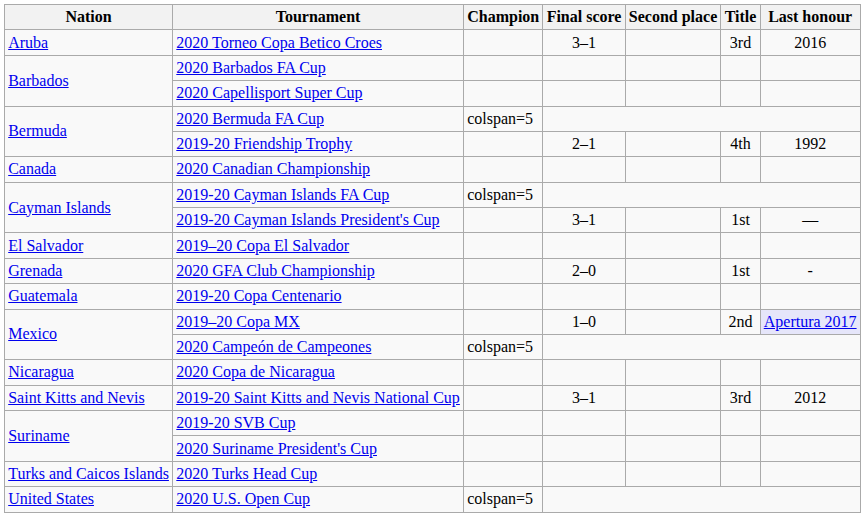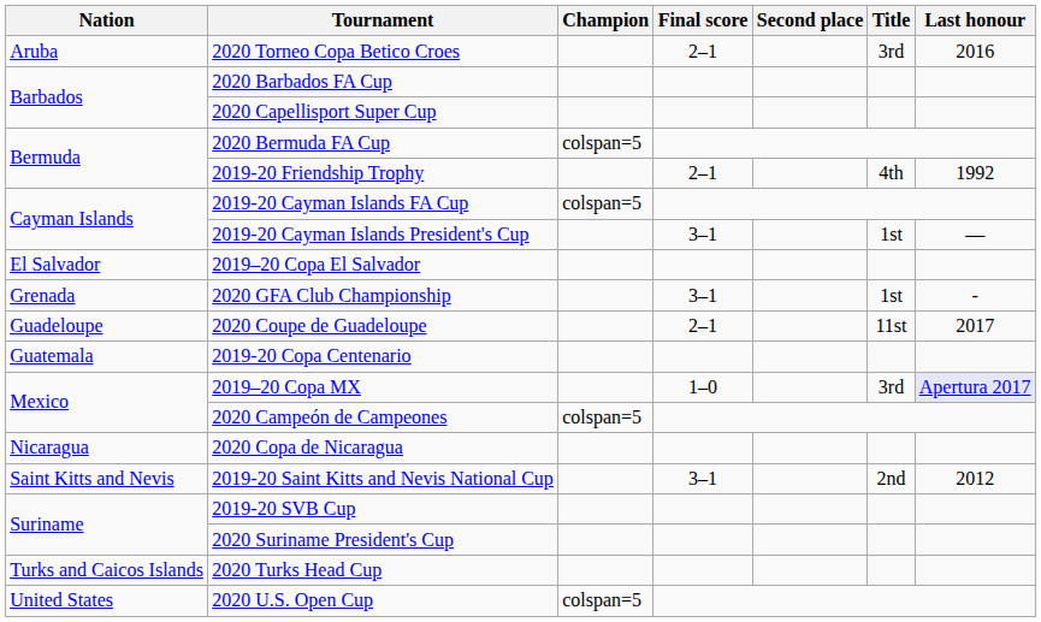 <table class="wikitable sortable">
 <tr>
 <th>Nation</th>
 <th>Tournament</th>
 <th>Champion</th>
 <th>Final score</th>
 <th>Second place</th>
 <th data-sort-type="number">Title</th>
 <th>Last honour</th>
 </tr>
 <tr>
 <td> <a href='#'>Aruba</a></td>
 <td><a href='#'>2020 Torneo Copa Betico Croes</a></td>
 <td></td>
-<td align=center>3–1</td>
+<td align=center>2–1</td>
 <td></td>
 <td align=center>3rd</td>
 <td align=center>2016</td>
 </tr>
 <tr>
 <td rowspan="2"> <a href='#'>Barbados</a></td>
 <td><a href='#'>2020 Barbados FA Cup</a></td>
 <td></td>
 <td></td>
 <td></td>
 <td></td>
 <td></td>
 </tr>
 <tr>
 <td><a href='#'>2020 Capellisport Super Cup</a></td>
 <td></td>
 <td></td>
 <td></td>
 <td></td>
 <td></td>
 </tr>
 <tr>
 <td rowspan="2"> <a href='#'>Bermuda</a></td>
 <td><a href='#'>2020 Bermuda FA Cup</a></td>
 <td>colspan=5 </td>
 </tr>
 <tr>
 <td><a href='#'>2019-20 Friendship Trophy</a></td>
 <td></td>
 <td align=center>2–1</td>
 <td></td>
 <td align=center>4th</td>
 <td align=center>1992</td>
 </tr>
 <tr>
-<td> <a href='#'>Canada</a></td>
-<td><a href='#'>2020 Canadian Championship</a></td>
-<td></td>
-<td></td>
-<td></td>
-<td></td>
-<td></td>
-</tr>
-<tr>
 <td rowspan="2"> <a href='#'>Cayman Islands</a></td>
 <td><a href='#'>2019-20 Cayman Islands FA Cup</a></td>
 <td>colspan=5 </td>
 </tr>
 <tr>
 <td><a href='#'>2019-20 Cayman Islands President's Cup</a></td>
 <td></td>
 <td align=center>3–1</td>
 <td></td>
 <td align=center>1st</td>
 <td align=center>—</td>
 </tr>
 <tr>
 <td> <a href='#'>El Salvador</a></td>
 <td><a href='#'>2019–20 Copa El Salvador</a></td>
 <td></td>
 <td></td>
 <td></td>
 <td></td>
 <td></td>
 </tr>
 <tr>
 <td> <a href='#'>Grenada</a></td>
 <td><a href='#'>2020 GFA Club Championship</a></td>
 <td></td>
-<td align=center>2–0</td>
+<td align=center>3–1</td>
 <td></td>
 <td align=center>1st</td>
 <td align=center>-</td>
+</tr>
+<tr>
+<td> <a href='#'>Guadeloupe</a></td>
+<td><a href='#'>2020 Coupe de Guadeloupe</a></td>
+<td></td>
+<td align=center>2–1</td>
+<td></td>
+<td align=center>11st</td>
+<td align=center>2017</td>
 </tr>
 <tr>
 <td> <a href='#'>Guatemala</a></td>
 <td><a href='#'>2019-20 Copa Centenario</a></td>
 <td></td>
 <td></td>
 <td></td>
 <td></td>
 <td></td>
 </tr>
 <tr>
 <td rowspan="2"> <a href='#'>Mexico</a></td>
 <td><a href='#'>2019–20 Copa MX</a></td>
 <td></td>
 <td align=center>1–0</td>
 <td></td>
-<td align=center>2nd</td>
+<td align=center>3rd</td>
 <td align=center style="background: lavender;"><a href='#'>Apertura 2017</a></td>
 </tr>
 <tr>
 <td><a href='#'>2020 Campeón de Campeones</a></td>
 <td>colspan=5 </td>
 </tr>
 <tr>
 <td> <a href='#'>Nicaragua</a></td>
 <td><a href='#'>2020 Copa de Nicaragua</a></td>
 <td></td>
 <td></td>
 <td></td>
 <td></td>
 <td></td>
 </tr>
 <tr>
 <td> <a href='#'>Saint Kitts and Nevis</a></td>
 <td><a href='#'>2019-20 Saint Kitts and Nevis National Cup</a></td>
 <td></td>
 <td align=center>3–1</td>
 <td></td>
-<td align=center>3rd</td>
+<td align=center>2nd</td>
 <td align=center>2012</td>
 </tr>
 <tr>
 <td rowspan="2"> <a href='#'>Suriname</a></td>
 <td><a href='#'>2019-20 SVB Cup</a></td>
 <td></td>
 <td></td>
 <td></td>
 <td></td>
 <td></td>
 </tr>
 <tr>
 <td><a href='#'>2020 Suriname President's Cup</a></td>
 <td></td>
 <td></td>
 <td></td>
 <td></td>
 <td></td>
 </tr>
 <tr>
 <td> <a href='#'>Turks and Caicos Islands</a></td>
 <td><a href='#'>2020 Turks Head Cup</a></td>
 <td></td>
 <td></td>
 <td></td>
 <td></td>
 <td></td>
 </tr>
 <tr>
 <td> <a href='#'>United States</a></td>
 <td><a href='#'>2020 U.S. Open Cup</a></td>
 <td>colspan=5 </td>
 </tr>
 </table>
